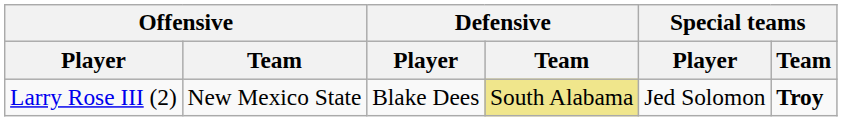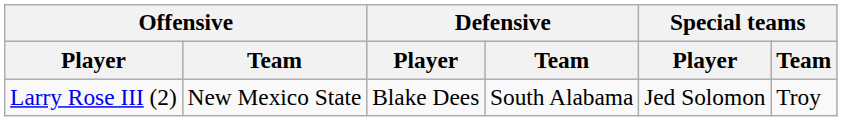 <table class="wikitable">
 <tr>
 <th colspan="2">Offensive</th>
 <th colspan="2">Defensive</th>
 <th colspan="2">Special teams</th>
 </tr>
 <tr>
 <th>Player</th>
 <th>Team</th>
 <th>Player</th>
 <th>Team</th>
 <th>Player</th>
 <th>Team</th>
 </tr>
 <tr>
 <td><a href='#'>Larry Rose III</a> (2)</td>
 <td>New Mexico State</td>
 <td>Blake Dees</td>
-<td style="background: khaki;">South Alabama</td>
+<td>South Alabama</td>
 <td>Jed Solomon</td>
-<td><strong>Troy</strong></td>
+<td>Troy</td>
 </tr>
 </table>
